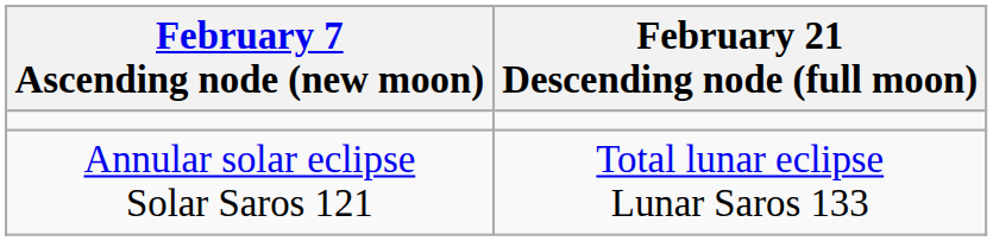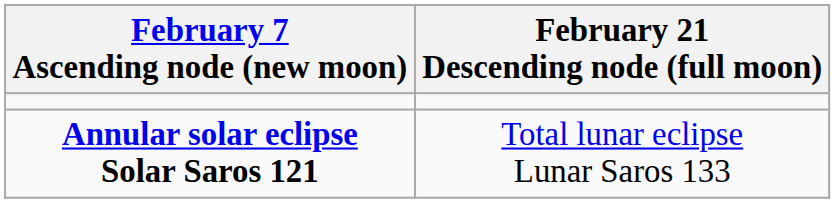 <table class="wikitable">
 <tr>
 <th><a href='#'>February 7</a><br>Ascending node (new moon)<br></th>
 <th>February 21<br>Descending node (full moon)<br></th>
 </tr>
 <tr>
 <td></td>
 <td></td>
 </tr>
 <tr align=center>
-<td><a href='#'>Annular solar eclipse</a><br>Solar Saros 121</td>
+<td><strong><a href='#'>Annular solar eclipse</a><br>Solar Saros 121</strong></td>
 <td><a href='#'>Total lunar eclipse</a><br>Lunar Saros 133</td>
 </tr>
 </table>
